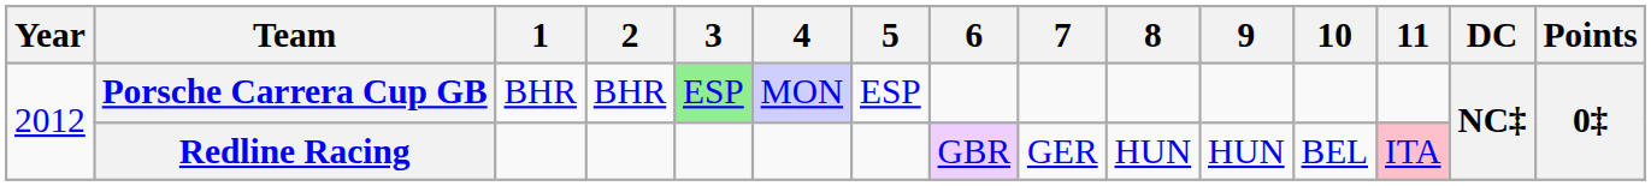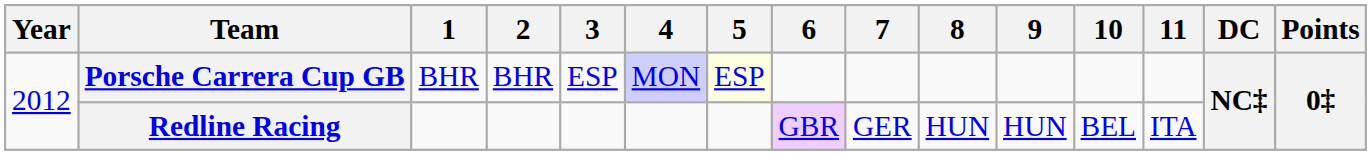 <table class="wikitable" style="text-align:center; font-size:85%">
 <tr>
 <th>Year</th>
 <th>Team</th>
 <th>1</th>
 <th>2</th>
 <th>3</th>
 <th>4</th>
 <th>5</th>
 <th>6</th>
 <th>7</th>
 <th>8</th>
 <th>9</th>
 <th>10</th>
 <th>11</th>
 <th>DC</th>
 <th>Points</th>
 </tr>
 <tr>
 <td rowspan=2><a href='#'>2012</a></td>
 <th nowrap><a href='#'>Porsche Carrera Cup GB</a></th>
 <td><a href='#'>BHR</a></td>
 <td><a href='#'>BHR</a></td>
-<td style="background: lightgreen;"><a href='#'>ESP</a></td>
+<td><a href='#'>ESP</a></td>
 <td style="background:#CFCFFF;"><a href='#'>MON</a><br></td>
-<td><a href='#'>ESP</a></td>
+<td style="background: lightyellow;"><a href='#'>ESP</a></td>
 <td></td>
 <td></td>
 <td></td>
 <td></td>
 <td></td>
 <td></td>
 <th rowspan=2>NC‡</th>
 <th rowspan=2>0‡</th>
 </tr>
 <tr>
 <th nowrap><a href='#'>Redline Racing</a></th>
 <td></td>
 <td></td>
 <td></td>
 <td></td>
 <td></td>
 <td style="background:#EFCFFF;"><a href='#'>GBR</a><br></td>
 <td><a href='#'>GER</a></td>
 <td><a href='#'>HUN</a></td>
 <td><a href='#'>HUN</a></td>
 <td><a href='#'>BEL</a></td>
-<td style="background: pink;"><a href='#'>ITA</a></td>
+<td><a href='#'>ITA</a></td>
 </tr>
 </table>
